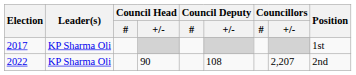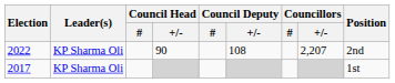 <table class="wikitable">
 <tr>
 <th rowspan="2" style="background-color:">Election</th>
 <th rowspan="2" style="background-color:">Leader(s)</th>
 <th colspan="2" style="background-color:">Council Head</th>
 <th colspan="2" style="background-color:">Council Deputy</th>
 <th colspan="2" style="background-color:">Councillors</th>
 <th rowspan="2" style="background-color:">Position</th>
 </tr>
 <tr>
 <th style="background-color:">#</th>
 <th style="background-color:">+/-</th>
 <th style="background-color:">#</th>
 <th style="background-color:">+/-</th>
 <th style="background-color:">#</th>
 <th style="background-color:">+/-</th>
 </tr>
 <tr>
+<td><a href='#'>2022</a></td>
+<td><a href='#'>KP Sharma Oli</a></td>
+<td></td>
+<td> 90</td>
+<td></td>
+<td> 108</td>
+<td></td>
+<td> 2,207</td>
+<td> 2nd</td>
+</tr>
+<tr>
 <td><a href='#'>2017</a></td>
 <td><a href='#'>KP Sharma Oli</a></td>
 <td></td>
 <td bgcolor="lightgrey"></td>
 <td></td>
 <td bgcolor="lightgrey"></td>
 <td></td>
 <td bgcolor="lightgrey"></td>
 <td>1st</td>
 </tr>
-<tr>
-<td><a href='#'>2022</a></td>
-<td><a href='#'>KP Sharma Oli</a></td>
-<td></td>
-<td> 90</td>
-<td></td>
-<td> 108</td>
-<td></td>
-<td> 2,207</td>
-<td> 2nd</td>
-</tr>
 </table>
